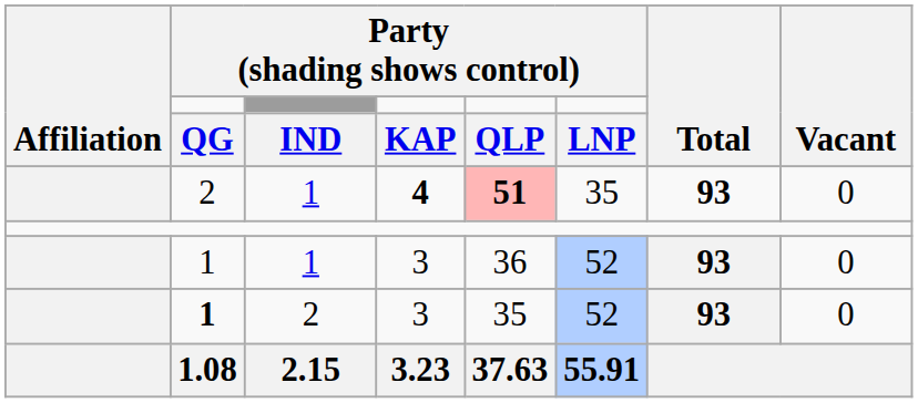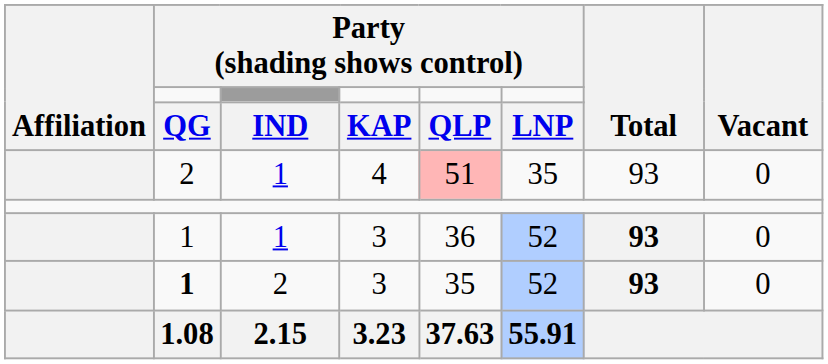 <table class="wikitable" style="text-align:center">
 <tr style="vertical-align:bottom;">
 <th rowspan="3">Affiliation</th>
 <th colspan="5">Party <div>(shading shows control)</div></th>
 <th rowspan="3" style="width: 55px">Total</th>
 <th rowspan="3" style="width: 55px">Vacant</th>
 </tr>
 <tr style="height:5px">
 <td bgcolor=></td>
 <td bgcolor=#9C9C9C style="width: 55px"></td>
 <td bgcolor=></td>
 <td bgcolor=></td>
 <td bgcolor=></td>
 </tr>
 <tr>
 <th><a href='#'>QG</a></th>
 <th><a href='#'>IND</a></th>
 <th><a href='#'>KAP</a></th>
 <th><a href='#'>QLP</a></th>
 <th><a href='#'>LNP</a></th>
 </tr>
 <tr>
 <th></th>
 <td>2</td>
 <td><a href='#'>1</a></td>
-<td><strong>4</strong></td>
-<td style="background-color:#FFB6B6"><strong>51</strong></td>
+<td>4</td>
+<td style="background-color:#FFB6B6">51</td>
 <td>35</td>
-<td><strong>93</strong></td>
+<td>93</td>
 <td>0</td>
 </tr>
 <tr>
 <td colspan="8"></td>
 </tr>
 <tr>
 <th></th>
 <td>1</td>
 <td><a href='#'>1</a></td>
 <td>3</td>
 <td>36</td>
 <td style="background-color:#B0CEFF">52</td>
 <th>93</th>
 <td>0</td>
 </tr>
 <tr>
 <th></th>
 <td><strong>1</strong></td>
 <td>2</td>
 <td>3</td>
 <td>35</td>
 <td style="background-color:#B0CEFF">52</td>
 <th>93</th>
 <td>0</td>
 </tr>
 <tr>
 <th></th>
 <th>1.08</th>
 <th>2.15</th>
 <th>3.23</th>
 <th>37.63</th>
 <th style="background-color:#B0CEFF">55.91</th>
 <th colspan="2"></th>
 </tr>
 </table>
